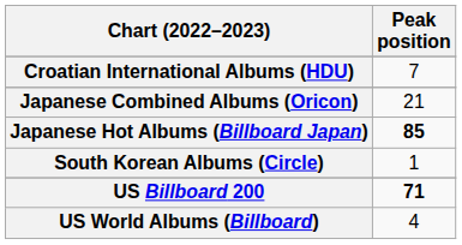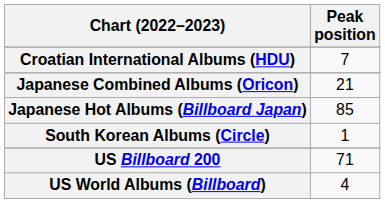 <table class="wikitable sortable plainrowheaders" style="text-align:center">
 <tr>
 <th scope="col">Chart (2022–2023)</th>
 <th scope="col">Peak<br>position</th>
 </tr>
 <tr>
 </tr>
 <tr>
 </tr>
 <tr>
 <th scope="row">Croatian International Albums (<a href='#'>HDU</a>)</th>
 <td>7</td>
 </tr>
 <tr>
 </tr>
 <tr>
 </tr>
 <tr>
 </tr>
 <tr>
 <th scope="row">Japanese Combined Albums (<a href='#'>Oricon</a>)</th>
 <td>21</td>
 </tr>
 <tr>
 <th scope="row">Japanese Hot Albums (<em><a href='#'>Billboard Japan</a></em>)</th>
-<td><strong>85</strong></td>
+<td>85</td>
 </tr>
 <tr>
 <th scope="row">South Korean Albums (<a href='#'>Circle</a>)</th>
 <td>1</td>
 </tr>
 <tr>
 </tr>
 <tr>
 <th scope="row">US <a href='#'><em>Billboard</em> 200</a></th>
-<td><strong>71</strong></td>
+<td>71</td>
 </tr>
 <tr>
 <th scope="row">US World Albums (<em><a href='#'>Billboard</a></em>)</th>
 <td>4</td>
 </tr>
 </table>
